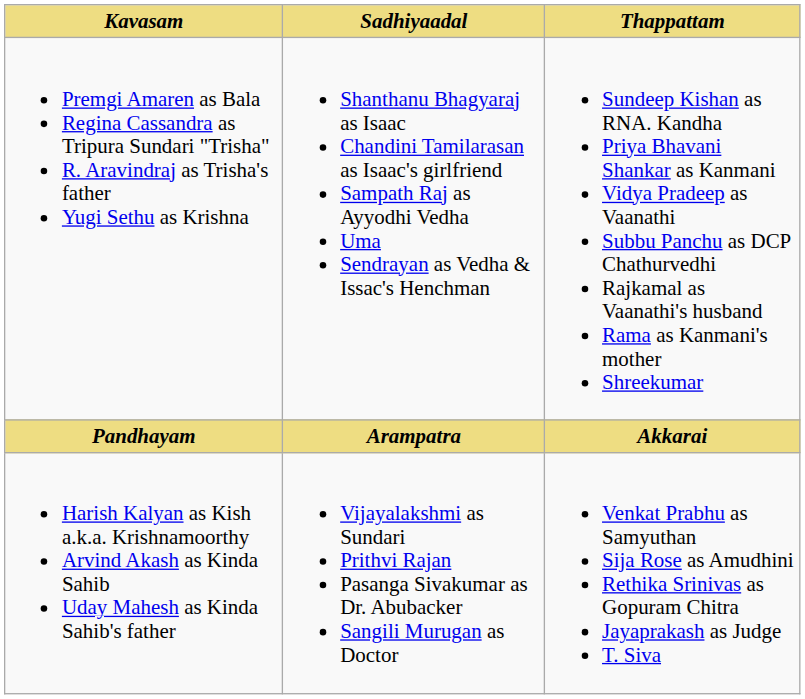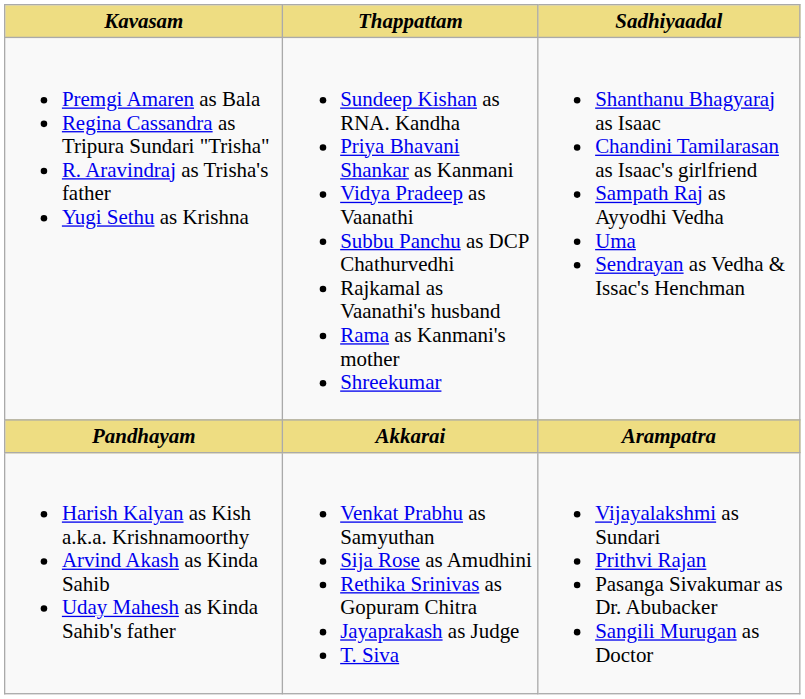 <table class=wikitable>
 <tr>
 <th style="background:#EEDD82; width:10%"><em>Kavasam </em></th>
+<th style="background:#EEDD82; width:10%"><em>Thappattam</em></th>
 <th style="background:#EEDD82; width:10%"><em>Sadhiyaadal </em></th>
-<th style="background:#EEDD82; width:10%"><em>Thappattam</em></th>
 </tr>
 <tr>
 <td valign="top"><br><ul><li><a href='#'>Premgi Amaren</a> as Bala</li><li><a href='#'>Regina Cassandra</a> as Tripura Sundari "Trisha"</li><li><a href='#'>R. Aravindraj</a> as Trisha's father</li><li><a href='#'>Yugi Sethu</a> as Krishna</li></ul></td>
+<td valign="top"><br><ul><li><a href='#'>Sundeep Kishan</a> as RNA. Kandha</li><li><a href='#'>Priya Bhavani Shankar</a> as Kanmani</li><li><a href='#'>Vidya Pradeep</a> as Vaanathi</li><li><a href='#'>Subbu Panchu</a> as DCP Chathurvedhi</li><li>Rajkamal as Vaanathi's husband</li><li><a href='#'>Rama</a> as Kanmani's mother</li><li><a href='#'>Shreekumar</a></li></ul></td>
 <td valign="top"><br><ul><li><a href='#'>Shanthanu Bhagyaraj</a> as Isaac</li><li><a href='#'>Chandini Tamilarasan</a> as Isaac's girlfriend</li><li><a href='#'>Sampath Raj</a> as Ayyodhi Vedha</li><li><a href='#'>Uma</a></li><li><a href='#'>Sendrayan</a> as Vedha & Issac's Henchman</li></ul></td>
-<td valign="top"><br><ul><li><a href='#'>Sundeep Kishan</a> as RNA. Kandha</li><li><a href='#'>Priya Bhavani Shankar</a> as Kanmani</li><li><a href='#'>Vidya Pradeep</a> as Vaanathi</li><li><a href='#'>Subbu Panchu</a> as DCP Chathurvedhi</li><li>Rajkamal as Vaanathi's husband</li><li><a href='#'>Rama</a> as Kanmani's mother</li><li><a href='#'>Shreekumar</a></li></ul></td>
 </tr>
 <tr>
 <th style="background:#EEDD82; width:10%"><em>Pandhayam</em></th>
+<th style="background:#EEDD82; width:10%"><em>Akkarai</em></th>
 <th style="background:#EEDD82; width:10%"><em>Arampatra </em></th>
-<th style="background:#EEDD82; width:10%"><em>Akkarai</em></th>
 </tr>
 <tr>
 <td valign="top"><br><ul><li><a href='#'>Harish Kalyan</a> as Kish a.k.a. Krishnamoorthy</li><li><a href='#'>Arvind Akash</a> as Kinda Sahib</li><li><a href='#'>Uday Mahesh</a> as Kinda Sahib's father</li></ul></td>
+<td valign="top"><br><ul><li><a href='#'>Venkat Prabhu</a> as Samyuthan</li><li><a href='#'>Sija Rose</a> as Amudhini</li><li><a href='#'>Rethika Srinivas</a> as Gopuram Chitra</li><li><a href='#'>Jayaprakash</a> as Judge</li><li><a href='#'>T. Siva</a></li></ul></td>
 <td valign="top"><br><ul><li><a href='#'>Vijayalakshmi</a> as Sundari</li><li><a href='#'>Prithvi Rajan</a></li><li>Pasanga Sivakumar as Dr. Abubacker</li><li><a href='#'>Sangili Murugan</a> as Doctor</li></ul></td>
-<td valign="top"><br><ul><li><a href='#'>Venkat Prabhu</a> as Samyuthan</li><li><a href='#'>Sija Rose</a> as Amudhini</li><li><a href='#'>Rethika Srinivas</a> as Gopuram Chitra</li><li><a href='#'>Jayaprakash</a> as Judge</li><li><a href='#'>T. Siva</a></li></ul></td>
 </tr>
 </table>
